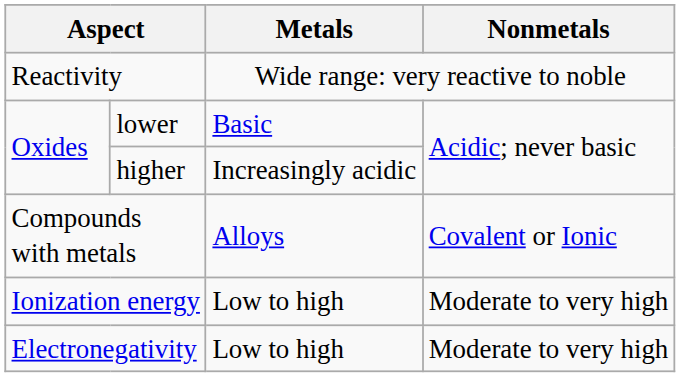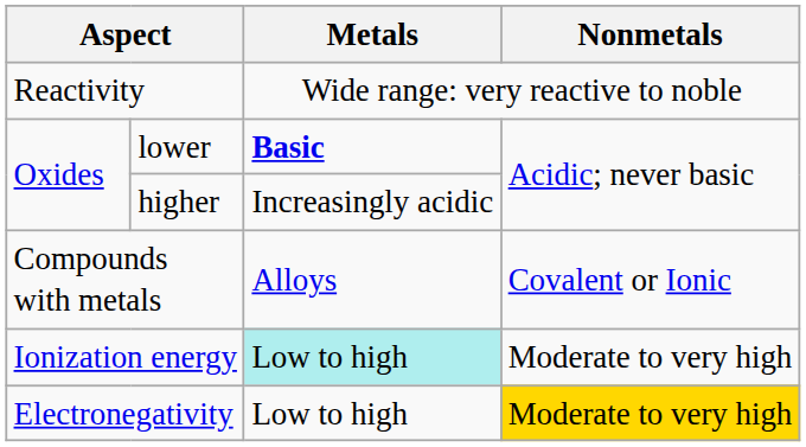 <table class="wikitable floatright" style="line-height: 1.3; font-size: 95%; margin-left:20px">
 <tr>
 <th colspan=2>Aspect</th>
 <th>Metals</th>
 <th>Nonmetals</th>
 </tr>
 <tr>
 <td colspan=2>Reactivity</td>
 <td colspan=2 style="text-align: center">Wide range: very reactive to noble</td>
 </tr>
 <tr>
 <td rowspan =2><a href='#'>Oxides</a></td>
 <td>lower</td>
-<td><a href='#'>Basic</a></td>
+<td><strong><a href='#'>Basic</a></strong></td>
 <td rowspan =2><a href='#'>Acidic</a>; never basic</td>
 </tr>
 <tr>
 <td>higher</td>
 <td>Increasingly acidic</td>
 </tr>
 <tr>
 <td colspan=2>Compounds<br>with metals</td>
 <td><a href='#'>Alloys</a></td>
 <td><a href='#'>Covalent</a> or <a href='#'>Ionic</a></td>
 </tr>
 <tr>
 <td colspan=2><a href='#'>Ionization energy</a></td>
-<td>Low to high</td>
+<td style="background: paleturquoise;">Low to high</td>
 <td>Moderate to very high</td>
 </tr>
 <tr>
 <td colspan=2><a href='#'>Electronegativity</a></td>
 <td>Low to high</td>
-<td>Moderate to very high</td>
+<td style="background: gold;">Moderate to very high</td>
 </tr>
 </table>
